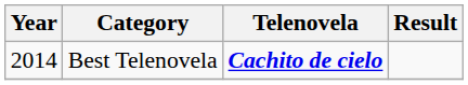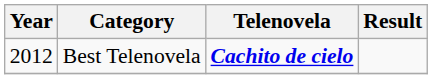 <table class="wikitable">
 <tr style="backgroung:#b0c4de;">
 <th>Year</th>
 <th>Category</th>
 <th>Telenovela</th>
 <th>Result</th>
 </tr>
 <tr>
-<td>2014</td>
+<td>2012</td>
 <td>Best Telenovela</td>
 <td><strong><em><a href='#'>Cachito de cielo</a></em></strong></td>
 <td></td>
 </tr>
 <tr>
 </tr>
 </table>
